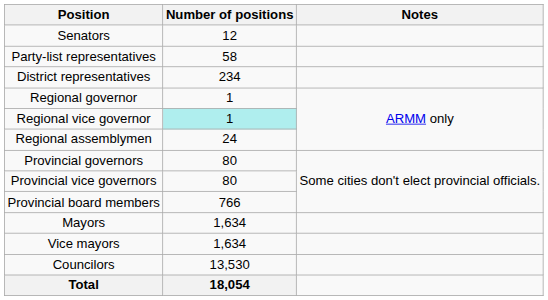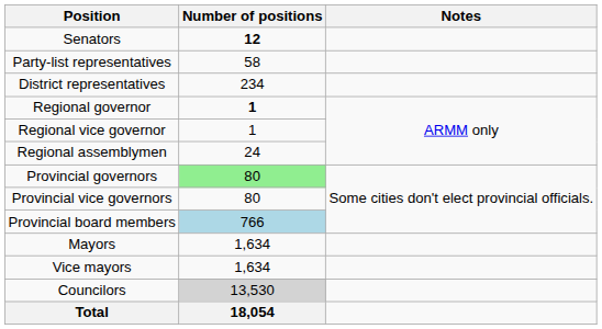 <table class=wikitable style="text-align:center;">
 <tr>
 <th>Position</th>
 <th>Number of positions</th>
 <th>Notes</th>
 </tr>
 <tr>
 <td>Senators</td>
-<td>12</td>
+<td><strong>12</strong></td>
 <td></td>
 </tr>
 <tr>
 <td>Party-list representatives</td>
 <td>58</td>
 <td></td>
 </tr>
 <tr>
 <td>District representatives</td>
 <td>234</td>
 <td></td>
 </tr>
 <tr>
 <td>Regional governor</td>
-<td>1</td>
+<td><strong>1</strong></td>
 <td rowspan=3><a href='#'>ARMM</a> only</td>
 </tr>
 <tr>
 <td>Regional vice governor</td>
-<td style="background: paleturquoise;">1</td>
+<td>1</td>
 </tr>
 <tr>
 <td>Regional assemblymen</td>
 <td>24</td>
 </tr>
 <tr>
 <td>Provincial governors</td>
-<td>80</td>
+<td style="background: lightgreen;">80</td>
 <td rowspan=3>Some cities don't elect provincial officials.</td>
 </tr>
 <tr>
 <td>Provincial vice governors</td>
 <td>80</td>
 </tr>
 <tr>
 <td>Provincial board members</td>
-<td>766</td>
+<td style="background: lightblue;">766</td>
 </tr>
 <tr>
 <td>Mayors</td>
 <td>1,634</td>
 <td></td>
 </tr>
 <tr>
 <td>Vice mayors</td>
 <td>1,634</td>
 <td></td>
 </tr>
 <tr>
 <td>Councilors</td>
-<td>13,530</td>
+<td style="background: lightgrey;">13,530</td>
 <td></td>
 </tr>
 <tr>
 <th>Total</th>
 <th>18,054</th>
 </tr>
 </table>
